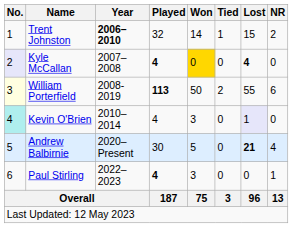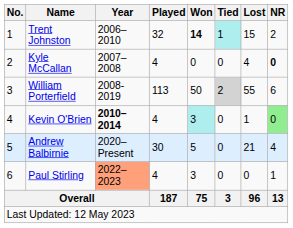 <table class="wikitable" style="width:70%;">
 <tr>
 <th>No.</th>
 <th>Name</th>
 <th>Year</th>
 <th>Played</th>
 <th>Won</th>
 <th>Tied</th>
 <th>Lost</th>
 <th>NR</th>
 </tr>
 <tr>
 <td>1</td>
 <td><a href='#'>Trent Johnston</a></td>
-<td><strong>2006–2010</strong></td>
+<td>2006–2010</td>
 <td>32</td>
-<td>14</td>
-<td>1</td>
+<td><strong>14</strong></td>
+<td style="background: paleturquoise;">1</td>
 <td>15</td>
 <td>2</td>
 </tr>
 <tr>
-<td style="background: lavender;">2</td>
+<td>2</td>
 <td><a href='#'>Kyle McCallan</a></td>
 <td>2007–2008</td>
-<td><strong>4</strong></td>
-<td style="background: gold;">0</td>
+<td>4</td>
 <td>0</td>
-<td><strong>4</strong></td>
 <td>0</td>
+<td>4</td>
+<td><strong>0</strong></td>
 </tr>
 <tr>
-<td style="background: lightyellow;">3</td>
+<td>3</td>
 <td><a href='#'>William Porterfield</a></td>
 <td>2008-2019</td>
-<td><strong>113</strong></td>
+<td>113</td>
 <td>50</td>
-<td>2</td>
+<td style="background: lightgrey;">2</td>
 <td>55</td>
 <td>6</td>
 </tr>
 <tr>
-<td style="background: paleturquoise;">4</td>
+<td>4</td>
 <td><a href='#'>Kevin O'Brien</a></td>
-<td>2010–2014</td>
+<td><strong>2010–2014</strong></td>
 <td>4</td>
-<td>3</td>
+<td style="background: paleturquoise;">3</td>
 <td>0</td>
-<td style="background: lavender;">1</td>
-<td>0</td>
+<td>1</td>
+<td style="background: lightgreen;">0</td>
 </tr>
 <tr bgcolor="#def">
 <td>5</td>
 <td><a href='#'>Andrew Balbirnie</a></td>
 <td>2020–Present</td>
 <td>30</td>
 <td>5</td>
 <td>0</td>
-<td><strong>21</strong></td>
+<td>21</td>
 <td>4</td>
 </tr>
 <tr>
 <td>6</td>
 <td><a href='#'>Paul Stirling</a></td>
-<td>2022–2023</td>
-<td><strong>4</strong></td>
+<td style="background: lightsalmon;">2022–2023</td>
+<td>4</td>
 <td>3</td>
 <td>0</td>
 <td>0</td>
 <td>1</td>
 </tr>
 <tr>
 <th colspan="3"><strong>Overall</strong></th>
 <th><strong>187</strong></th>
 <th><strong>75</strong></th>
 <th><strong>3</strong></th>
 <th>96</th>
 <th><strong>13</strong></th>
 </tr>
 <tr>
 <td colspan="10">Last Updated: 12 May 2023</td>
 </tr>
 </table>
